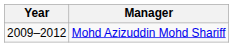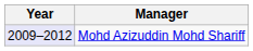 <table class="wikitable">
 <tr>
 <th>Year</th>
 <th>Manager</th>
 </tr>
 <tr>
-<td>2009–2012</td>
+<td style="background: lavender;">2009–2012</td>
 <td> <a href='#'>Mohd Azizuddin Mohd Shariff</a></td>
 </tr>
 </table>
